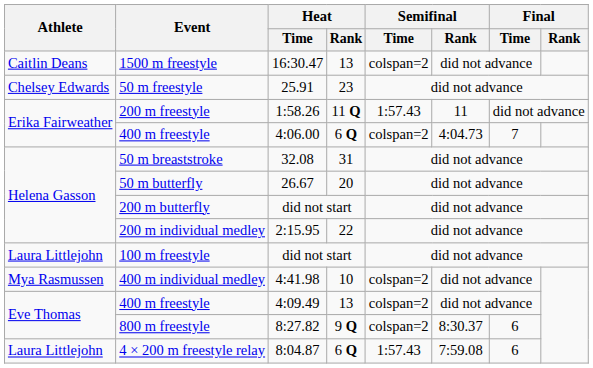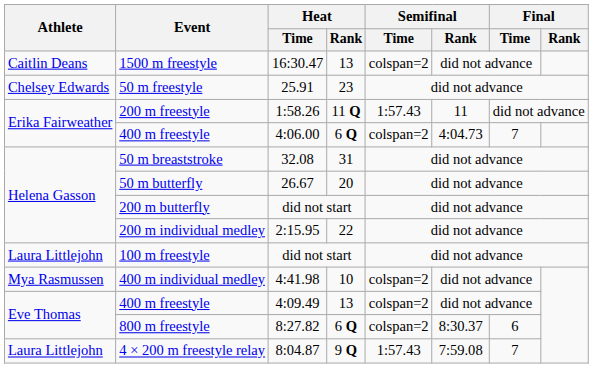 <table class=wikitable style="font-size:90%">
 <tr>
 <th rowspan="2">Athlete</th>
 <th rowspan="2">Event</th>
 <th colspan="2">Heat</th>
 <th colspan="2">Semifinal</th>
 <th colspan="2">Final</th>
 </tr>
 <tr style="font-size:95%">
 <th>Time</th>
 <th>Rank</th>
 <th>Time</th>
 <th>Rank</th>
 <th>Time</th>
 <th>Rank</th>
 </tr>
 <tr style="text-align:center">
 <td style="text-align:left"><a href='#'>Caitlin Deans</a></td>
 <td style="text-align:left"><a href='#'>1500 m freestyle</a></td>
 <td>16:30.47</td>
 <td>13</td>
 <td>colspan=2 </td>
 <td colspan=2>did not advance</td>
 </tr>
 <tr style="text-align:center">
 <td style="text-align:left"><a href='#'>Chelsey Edwards</a></td>
 <td style="text-align:left"><a href='#'>50 m freestyle</a></td>
 <td>25.91</td>
 <td>23</td>
 <td colspan=4>did not advance</td>
 </tr>
 <tr style="text-align:center">
 <td style="text-align:left" rowspan=2><a href='#'>Erika Fairweather</a></td>
 <td style="text-align:left"><a href='#'>200 m freestyle</a></td>
 <td>1:58.26</td>
 <td>11 <strong>Q</strong></td>
 <td>1:57.43</td>
 <td>11</td>
 <td colspan=2>did not advance</td>
 </tr>
 <tr style="text-align:center">
 <td style="text-align:left"><a href='#'>400 m freestyle</a></td>
 <td>4:06.00</td>
 <td>6 <strong>Q</strong></td>
 <td>colspan=2 </td>
 <td>4:04.73</td>
 <td>7</td>
 </tr>
 <tr style="text-align:center">
 <td style="text-align:left" rowspan=4><a href='#'>Helena Gasson</a></td>
 <td style="text-align:left"><a href='#'>50 m breaststroke</a></td>
 <td>32.08</td>
 <td>31</td>
 <td colspan=4>did not advance</td>
 </tr>
 <tr style="text-align:center">
 <td style="text-align:left"><a href='#'>50 m butterfly</a></td>
 <td>26.67</td>
 <td>20</td>
 <td colspan=4>did not advance</td>
 </tr>
 <tr style="text-align:center">
 <td style="text-align:left"><a href='#'>200 m butterfly</a></td>
 <td colspan=2>did not start</td>
 <td colspan=4>did not advance</td>
 </tr>
 <tr style="text-align:center">
 <td style="text-align:left"><a href='#'>200 m individual medley</a></td>
 <td>2:15.95</td>
 <td>22</td>
 <td colspan=4>did not advance</td>
 </tr>
 <tr style="text-align:center">
 <td style="text-align:left"><a href='#'>Laura Littlejohn</a></td>
 <td style="text-align:left"><a href='#'>100 m freestyle</a></td>
 <td colspan=2>did not start</td>
 <td colspan=4>did not advance</td>
 </tr>
 <tr style="text-align:center">
 <td style="text-align:left"><a href='#'>Mya Rasmussen</a></td>
 <td style="text-align:left"><a href='#'>400 m individual medley</a></td>
 <td>4:41.98</td>
 <td>10</td>
 <td>colspan=2 </td>
 <td colspan=2>did not advance</td>
 </tr>
 <tr style="text-align:center">
 <td style="text-align:left" rowspan=2><a href='#'>Eve Thomas</a></td>
 <td style="text-align:left"><a href='#'>400 m freestyle</a></td>
 <td>4:09.49</td>
 <td>13</td>
 <td>colspan=2 </td>
 <td colspan=2>did not advance</td>
 </tr>
 <tr style="text-align:center">
 <td style="text-align:left"><a href='#'>800 m freestyle</a></td>
 <td>8:27.82</td>
-<td>9 <strong>Q</strong></td>
+<td>6 <strong>Q</strong></td>
 <td>colspan=2 </td>
 <td>8:30.37</td>
 <td>6</td>
 </tr>
 <tr style="text-align:center">
 <td style="text-align:left"><a href='#'>Laura Littlejohn</a></td>
 <td style="text-align:left"><a href='#'>4 × 200 m freestyle relay</a></td>
 <td>8:04.87</td>
-<td>6 <strong>Q</strong></td>
+<td>9 <strong>Q</strong></td>
 <td>1:57.43</td>
 <td>7:59.08</td>
-<td>6</td>
+<td>7</td>
 </tr>
 </table>
